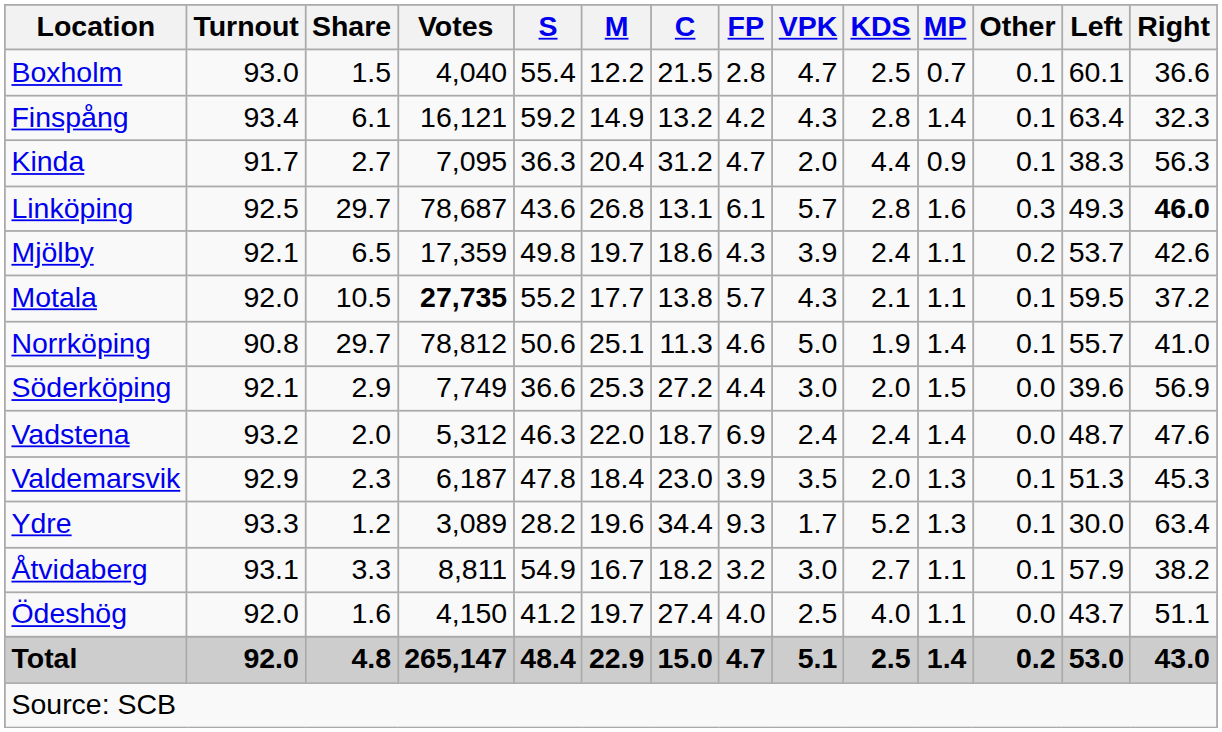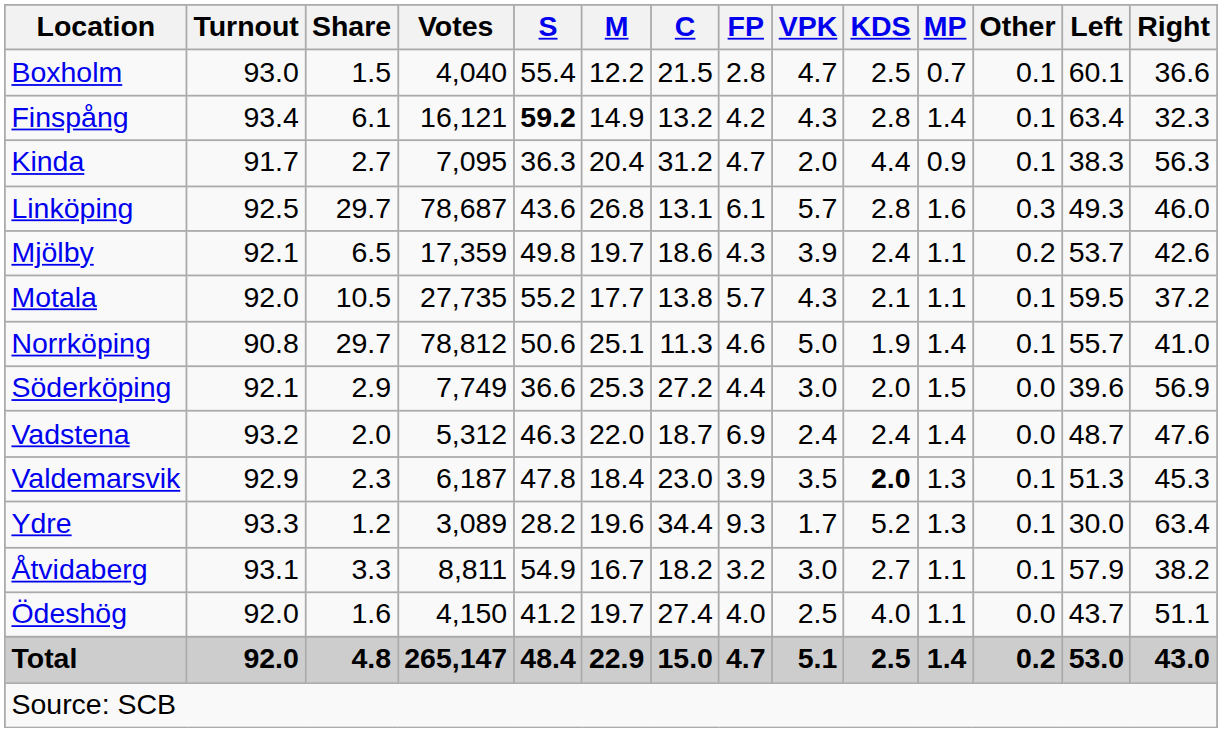 <table class="wikitable sortable" style=text-align:right>
 <tr>
 <th>Location</th>
 <th>Turnout</th>
 <th>Share</th>
 <th>Votes</th>
 <th><a href='#'>S</a></th>
 <th><a href='#'>M</a></th>
 <th><a href='#'>C</a></th>
 <th><a href='#'>FP</a></th>
 <th><a href='#'>VPK</a></th>
 <th><a href='#'>KDS</a></th>
 <th><a href='#'>MP</a></th>
 <th>Other</th>
 <th>Left</th>
 <th>Right</th>
 </tr>
 <tr>
 <td align=left><a href='#'>Boxholm</a></td>
 <td>93.0</td>
 <td>1.5</td>
 <td>4,040</td>
 <td>55.4</td>
 <td>12.2</td>
 <td>21.5</td>
 <td>2.8</td>
 <td>4.7</td>
 <td>2.5</td>
 <td>0.7</td>
 <td>0.1</td>
 <td>60.1</td>
 <td>36.6</td>
 </tr>
 <tr>
 <td align=left><a href='#'>Finspång</a></td>
 <td>93.4</td>
 <td>6.1</td>
 <td>16,121</td>
-<td>59.2</td>
+<td><strong>59.2</strong></td>
 <td>14.9</td>
 <td>13.2</td>
 <td>4.2</td>
 <td>4.3</td>
 <td>2.8</td>
 <td>1.4</td>
 <td>0.1</td>
 <td>63.4</td>
 <td>32.3</td>
 </tr>
 <tr>
 <td align=left><a href='#'>Kinda</a></td>
 <td>91.7</td>
 <td>2.7</td>
 <td>7,095</td>
 <td>36.3</td>
 <td>20.4</td>
 <td>31.2</td>
 <td>4.7</td>
 <td>2.0</td>
 <td>4.4</td>
 <td>0.9</td>
 <td>0.1</td>
 <td>38.3</td>
 <td>56.3</td>
 </tr>
 <tr>
 <td align=left><a href='#'>Linköping</a></td>
 <td>92.5</td>
 <td>29.7</td>
 <td>78,687</td>
 <td>43.6</td>
 <td>26.8</td>
 <td>13.1</td>
 <td>6.1</td>
 <td>5.7</td>
 <td>2.8</td>
 <td>1.6</td>
 <td>0.3</td>
 <td>49.3</td>
-<td><strong>46.0</strong></td>
+<td>46.0</td>
 </tr>
 <tr>
 <td align=left><a href='#'>Mjölby</a></td>
 <td>92.1</td>
 <td>6.5</td>
 <td>17,359</td>
 <td>49.8</td>
 <td>19.7</td>
 <td>18.6</td>
 <td>4.3</td>
 <td>3.9</td>
 <td>2.4</td>
 <td>1.1</td>
 <td>0.2</td>
 <td>53.7</td>
 <td>42.6</td>
 </tr>
 <tr>
 <td align=left><a href='#'>Motala</a></td>
 <td>92.0</td>
 <td>10.5</td>
-<td><strong>27,735</strong></td>
+<td>27,735</td>
 <td>55.2</td>
 <td>17.7</td>
 <td>13.8</td>
 <td>5.7</td>
 <td>4.3</td>
 <td>2.1</td>
 <td>1.1</td>
 <td>0.1</td>
 <td>59.5</td>
 <td>37.2</td>
 </tr>
 <tr>
 <td align=left><a href='#'>Norrköping</a></td>
 <td>90.8</td>
 <td>29.7</td>
 <td>78,812</td>
 <td>50.6</td>
 <td>25.1</td>
 <td>11.3</td>
 <td>4.6</td>
 <td>5.0</td>
 <td>1.9</td>
 <td>1.4</td>
 <td>0.1</td>
 <td>55.7</td>
 <td>41.0</td>
 </tr>
 <tr>
 <td align=left><a href='#'>Söderköping</a></td>
 <td>92.1</td>
 <td>2.9</td>
 <td>7,749</td>
 <td>36.6</td>
 <td>25.3</td>
 <td>27.2</td>
 <td>4.4</td>
 <td>3.0</td>
 <td>2.0</td>
 <td>1.5</td>
 <td>0.0</td>
 <td>39.6</td>
 <td>56.9</td>
 </tr>
 <tr>
 <td align=left><a href='#'>Vadstena</a></td>
 <td>93.2</td>
 <td>2.0</td>
 <td>5,312</td>
 <td>46.3</td>
 <td>22.0</td>
 <td>18.7</td>
 <td>6.9</td>
 <td>2.4</td>
 <td>2.4</td>
 <td>1.4</td>
 <td>0.0</td>
 <td>48.7</td>
 <td>47.6</td>
 </tr>
 <tr>
 <td align=left><a href='#'>Valdemarsvik</a></td>
 <td>92.9</td>
 <td>2.3</td>
 <td>6,187</td>
 <td>47.8</td>
 <td>18.4</td>
 <td>23.0</td>
 <td>3.9</td>
 <td>3.5</td>
-<td>2.0</td>
+<td><strong>2.0</strong></td>
 <td>1.3</td>
 <td>0.1</td>
 <td>51.3</td>
 <td>45.3</td>
 </tr>
 <tr>
 <td align=left><a href='#'>Ydre</a></td>
 <td>93.3</td>
 <td>1.2</td>
 <td>3,089</td>
 <td>28.2</td>
 <td>19.6</td>
 <td>34.4</td>
 <td>9.3</td>
 <td>1.7</td>
 <td>5.2</td>
 <td>1.3</td>
 <td>0.1</td>
 <td>30.0</td>
 <td>63.4</td>
 </tr>
 <tr>
 <td align=left><a href='#'>Åtvidaberg</a></td>
 <td>93.1</td>
 <td>3.3</td>
 <td>8,811</td>
 <td>54.9</td>
 <td>16.7</td>
 <td>18.2</td>
 <td>3.2</td>
 <td>3.0</td>
 <td>2.7</td>
 <td>1.1</td>
 <td>0.1</td>
 <td>57.9</td>
 <td>38.2</td>
 </tr>
 <tr>
 <td align=left><a href='#'>Ödeshög</a></td>
 <td>92.0</td>
 <td>1.6</td>
 <td>4,150</td>
 <td>41.2</td>
 <td>19.7</td>
 <td>27.4</td>
 <td>4.0</td>
 <td>2.5</td>
 <td>4.0</td>
 <td>1.1</td>
 <td>0.0</td>
 <td>43.7</td>
 <td>51.1</td>
 </tr>
 <tr>
 </tr>
 <tr style="background:#CDCDCD;">
 <td align=left><strong>Total</strong></td>
 <td><strong>92.0</strong></td>
 <td><strong>4.8</strong></td>
 <td><strong>265,147</strong></td>
 <td><strong>48.4</strong></td>
 <td><strong>22.9</strong></td>
 <td><strong>15.0</strong></td>
 <td><strong>4.7</strong></td>
 <td><strong>5.1</strong></td>
 <td><strong>2.5</strong></td>
 <td><strong>1.4</strong></td>
 <td><strong>0.2</strong></td>
 <td><strong>53.0</strong></td>
 <td><strong>43.0</strong></td>
 </tr>
 <tr>
 <td align=left colspan=14>Source: SCB </td>
 </tr>
 </table>
